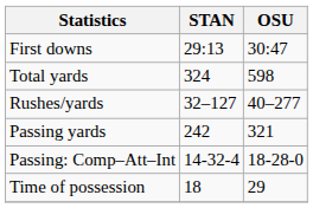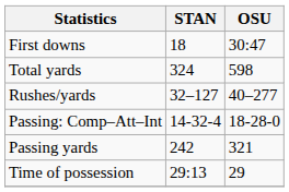 <table class="wikitable" style="float: left;">
 <tr>
 <th>Statistics</th>
 <th>STAN</th>
 <th>OSU</th>
 </tr>
 <tr>
 <td>First downs</td>
-<td>29:13</td>
+<td>18</td>
 <td>30:47</td>
 </tr>
 <tr>
 <td>Total yards</td>
 <td>324</td>
 <td>598</td>
 </tr>
 <tr>
 <td>Rushes/yards</td>
 <td>32–127</td>
 <td>40–277</td>
 </tr>
 <tr>
+<td>Passing: Comp–Att–Int</td>
+<td>14-32-4</td>
+<td>18-28-0</td>
+</tr>
+<tr>
 <td>Passing yards</td>
 <td>242</td>
 <td>321</td>
 </tr>
 <tr>
-<td>Passing: Comp–Att–Int</td>
-<td>14-32-4</td>
-<td>18-28-0</td>
-</tr>
-<tr>
 <td>Time of possession</td>
-<td>18</td>
+<td>29:13</td>
 <td>29</td>
 </tr>
 <tr>
 </tr>
 </table>
